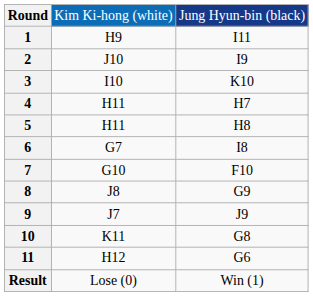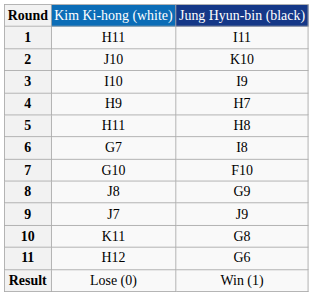 <table class="wikitable" style="text-align:center">
 <tr>
 <th scope="col">Round</th>
 <td style="background-color:#0B6DB7; color:white">Kim Ki-hong (white)</td>
 <td style="background-color:#153888; color:white">Jung Hyun-bin (black)</td>
 </tr>
 <tr>
 <th scope="row">1</th>
-<td>H9</td>
+<td>H11</td>
 <td>I11</td>
 </tr>
 <tr>
 <th scope="row">2</th>
 <td>J10</td>
-<td>I9</td>
+<td>K10</td>
 </tr>
 <tr>
 <th scope="row">3</th>
 <td>I10</td>
-<td>K10</td>
+<td>I9</td>
 </tr>
 <tr>
 <th scope="row">4</th>
-<td>H11</td>
+<td>H9</td>
 <td> H7</td>
 </tr>
 <tr>
 <th scope="row">5</th>
 <td>H11</td>
 <td>H8</td>
 </tr>
 <tr>
 <th scope="row">6</th>
 <td>G7</td>
 <td>I8</td>
 </tr>
 <tr>
 <th scope="row">7</th>
 <td>G10</td>
 <td>F10</td>
 </tr>
 <tr>
 <th scope="row">8</th>
 <td>J8</td>
 <td>G9</td>
 </tr>
 <tr>
 <th scope="row">9</th>
 <td>J7</td>
 <td>J9</td>
 </tr>
 <tr>
 <th scope="row">10</th>
 <td>K11</td>
 <td>G8</td>
 </tr>
 <tr>
 <th scope="row">11</th>
 <td>H12</td>
 <td>G6</td>
 </tr>
 <tr>
 <th scope="row">Result</th>
 <td>Lose (0)</td>
 <td>Win (1)</td>
 </tr>
 </table>
